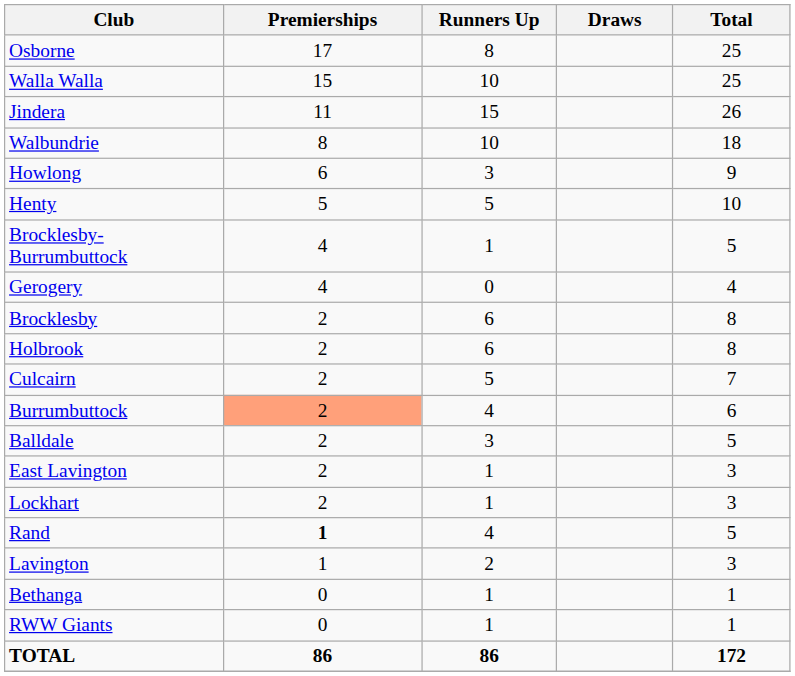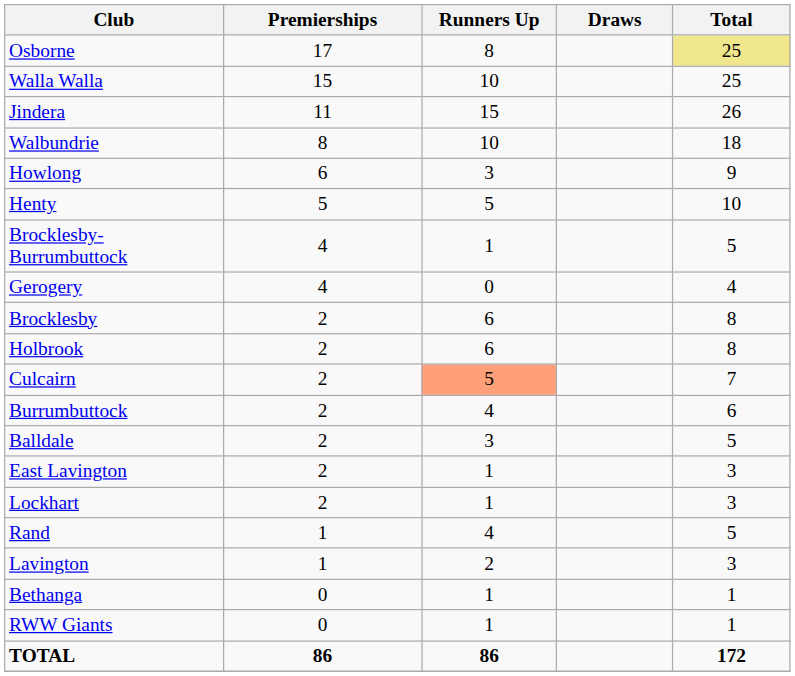 <table class="wikitable sortable" width="650px">
 <tr>
 <th width=100px>Club</th>
 <th width=50px>Premierships</th>
 <th width=50px>Runners Up</th>
 <th width=50px>Draws</th>
 <th width=50px>Total</th>
 </tr>
 <tr>
 <td><a href='#'>Osborne</a></td>
 <td align=center>17</td>
 <td align=center>8</td>
 <td align=center></td>
-<td align=center>25</td>
+<td align=center style="background: khaki;">25</td>
 </tr>
 <tr>
 <td><a href='#'>Walla Walla</a></td>
 <td align=center>15</td>
 <td align=center>10</td>
 <td align=center></td>
 <td align=center>25</td>
 </tr>
 <tr>
 <td><a href='#'>Jindera</a></td>
 <td align=center>11</td>
 <td align=center>15</td>
 <td align=center></td>
 <td align=center>26</td>
 </tr>
 <tr>
 <td><a href='#'>Walbundrie</a></td>
 <td align=center>8</td>
 <td align=center>10</td>
 <td align=center></td>
 <td align=center>18</td>
 </tr>
 <tr>
 <td><a href='#'>Howlong</a></td>
 <td align=center>6</td>
 <td align=center>3</td>
 <td align=center></td>
 <td align=center>9</td>
 </tr>
 <tr>
 <td><a href='#'>Henty</a></td>
 <td align=center>5</td>
 <td align=center>5</td>
 <td align=center></td>
 <td align=center>10</td>
 </tr>
 <tr>
 <td><a href='#'>Brocklesby-Burrumbuttock</a></td>
 <td align=center>4</td>
 <td align=center>1</td>
 <td align=center></td>
 <td align=center>5</td>
 </tr>
 <tr>
 <td><a href='#'>Gerogery</a></td>
 <td align=center>4</td>
 <td align=center>0</td>
 <td align=center></td>
 <td align=center>4</td>
 </tr>
 <tr>
 <td><a href='#'>Brocklesby</a></td>
 <td align=center>2</td>
 <td align=center>6</td>
 <td align=center></td>
 <td align=center>8</td>
 </tr>
 <tr>
 <td><a href='#'>Holbrook</a></td>
 <td align=center>2</td>
 <td align=center>6</td>
 <td align=center></td>
 <td align=center>8</td>
 </tr>
 <tr>
 <td><a href='#'>Culcairn</a></td>
 <td align=center>2</td>
-<td align=center>5</td>
+<td align=center style="background: lightsalmon;">5</td>
 <td align=center></td>
 <td align=center>7</td>
 </tr>
 <tr>
 <td><a href='#'>Burrumbuttock</a></td>
-<td align=center style="background: lightsalmon;">2</td>
+<td align=center>2</td>
 <td align=center>4</td>
 <td align=center></td>
 <td align=center>6</td>
 </tr>
 <tr>
 <td><a href='#'>Balldale</a></td>
 <td align=center>2</td>
 <td align=center>3</td>
 <td align=center></td>
 <td align=center>5</td>
 </tr>
 <tr>
 <td><a href='#'>East Lavington</a></td>
 <td align=center>2</td>
 <td align=center>1</td>
 <td align=center></td>
 <td align=center>3</td>
 </tr>
 <tr>
 <td><a href='#'>Lockhart</a></td>
 <td align=center>2</td>
 <td align=center>1</td>
 <td align=center></td>
 <td align=center>3</td>
 </tr>
 <tr>
 <td><a href='#'>Rand</a></td>
-<td align=center><strong>1</strong></td>
+<td align=center>1</td>
 <td align=center>4</td>
 <td align=center></td>
 <td align=center>5</td>
 </tr>
 <tr>
 <td><a href='#'>Lavington</a></td>
 <td align=center>1</td>
 <td align=center>2</td>
 <td align=center></td>
 <td align=center>3</td>
 </tr>
 <tr>
 <td><a href='#'>Bethanga</a></td>
 <td align=center>0</td>
 <td align=center>1</td>
 <td align=center></td>
 <td align=center>1</td>
 </tr>
 <tr>
 <td><a href='#'>RWW Giants</a></td>
 <td align=center>0</td>
 <td align=center>1</td>
 <td align=center></td>
 <td align=center>1</td>
 </tr>
 <tr>
 <td><strong>TOTAL</strong></td>
 <td align=center><strong>86</strong></td>
 <td align=center><strong>86</strong></td>
 <td align=center></td>
 <td align=center><strong>172</strong></td>
 </tr>
 <tr>
 </tr>
 </table>
